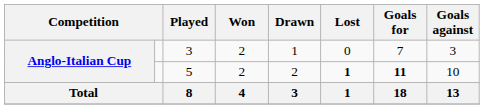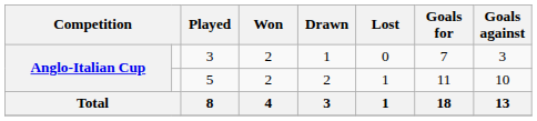 <table class="wikitable sortable plainrowheaders">
 <tr>
 <th scope=col width=30% colspan=2>Competition</th>
 <th scope=col width=10%>Played</th>
 <th scope=col width=10%>Won</th>
 <th scope=col width=10%>Drawn</th>
 <th scope=col width=10%>Lost</th>
 <th scope=col width=10%>Goals<br>for</th>
 <th scope=col width=10%>Goals<br>against</th>
 </tr>
 <tr>
 <th scope=row rowspan=2><a href='#'>Anglo-Italian Cup</a></th>
 <td scope=row align=center></td>
 <td align=center>3</td>
 <td align=center>2</td>
 <td align=center>1</td>
 <td align=center>0</td>
 <td align=center>7</td>
 <td align=center>3</td>
 </tr>
 <tr>
 <td scope=row align=center></td>
 <td align=center>5</td>
 <td align=center>2</td>
 <td align=center>2</td>
-<td align=center><strong>1</strong></td>
-<td align=center><strong>11</strong></td>
+<td align=center>1</td>
+<td align=center>11</td>
 <td align=center>10</td>
 </tr>
 <tr class="sortbottom">
 <th scope=row colspan=2><strong>Total</strong></th>
 <th align=center><strong>8</strong></th>
 <th align=center><strong>4</strong></th>
 <th align=center><strong>3</strong></th>
 <th align=center><strong>1</strong></th>
 <th align=center><strong>18</strong></th>
 <th align=center><strong>13</strong></th>
 </tr>
 <tr>
 </tr>
 </table>
